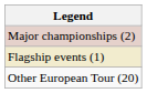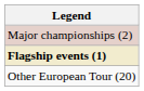 <table class="wikitable" style="font-size:95%;">
 <tr>
 <th>Legend</th>
 </tr>
 <tr style="background:#e5d1cb;">
 <td>Major championships (2)</td>
 </tr>
 <tr style="background:#f2ecce;">
-<td>Flagship events (1)</td>
+<td><strong>Flagship events (1)</strong></td>
 </tr>
 <tr>
 <td>Other European Tour (20)</td>
 </tr>
 </table>
